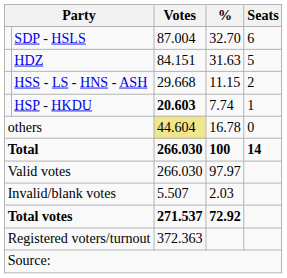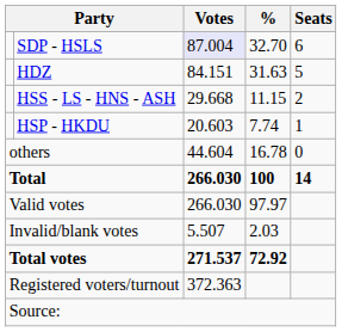 <table class="wikitable" style="text-align: left;">
 <tr>
 <th colspan="2">Party</th>
 <th>Votes</th>
 <th>%</th>
 <th>Seats</th>
 </tr>
 <tr>
 <td style="background-color: "></td>
 <td><a href='#'>SDP</a> - <a href='#'>HSLS</a></td>
-<td>87.004</td>
+<td style="background: lavender;">87.004</td>
 <td>32.70</td>
 <td>6</td>
 </tr>
 <tr>
 <td style="background-color: "></td>
 <td><a href='#'>HDZ</a></td>
 <td>84.151</td>
 <td>31.63</td>
 <td>5</td>
 </tr>
 <tr>
 <td style="background-color: "></td>
 <td><a href='#'>HSS</a> - <a href='#'>LS</a> - <a href='#'>HNS</a> - <a href='#'>ASH</a></td>
 <td>29.668</td>
 <td>11.15</td>
 <td>2</td>
 </tr>
 <tr>
 <td style="background-color: "></td>
 <td><a href='#'>HSP</a> - <a href='#'>HKDU</a></td>
-<td><strong>20.603</strong></td>
+<td>20.603</td>
 <td>7.74</td>
 <td>1</td>
 </tr>
 <tr>
 <td colspan="2">others</td>
-<td style="background: khaki;">44.604</td>
+<td>44.604</td>
 <td>16.78</td>
 <td>0</td>
 </tr>
 <tr>
 <td colspan="2"><strong>Total</strong></td>
 <td><strong>266.030</strong></td>
 <td><strong>100</strong></td>
 <td><strong>14</strong></td>
 </tr>
 <tr>
 <td colspan="2">Valid votes</td>
 <td>266.030</td>
 <td>97.97</td>
 <td></td>
 </tr>
 <tr>
 <td colspan="2">Invalid/blank votes</td>
 <td>5.507</td>
 <td>2.03</td>
 <td></td>
 </tr>
 <tr>
 <td colspan="2"><strong>Total votes</strong></td>
 <td><strong>271.537</strong></td>
 <td><strong>72.92</strong></td>
 <td></td>
 </tr>
 <tr>
 <td colspan="2">Registered voters/turnout</td>
 <td votes14="5343">372.363</td>
 <td></td>
 <td></td>
 </tr>
 <tr>
 <td colspan="5">Source: </td>
 </tr>
 </table>
